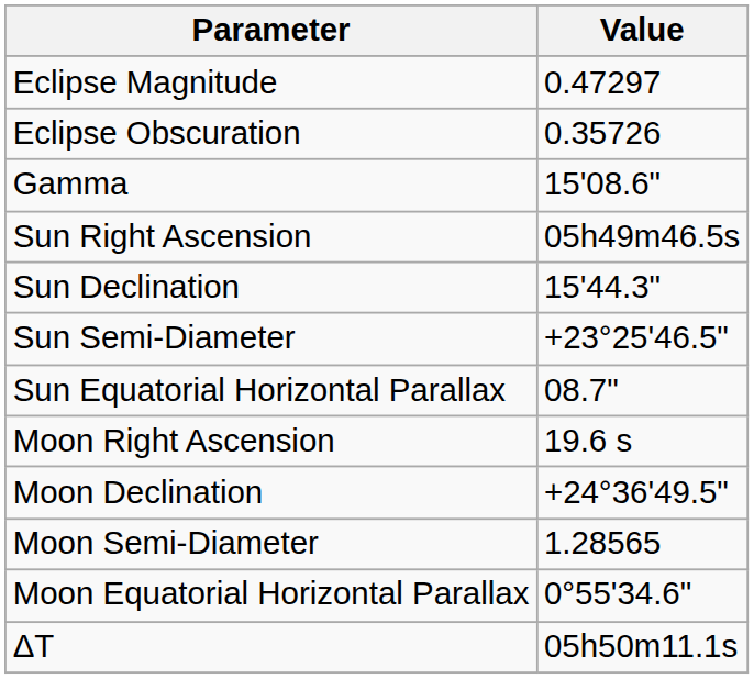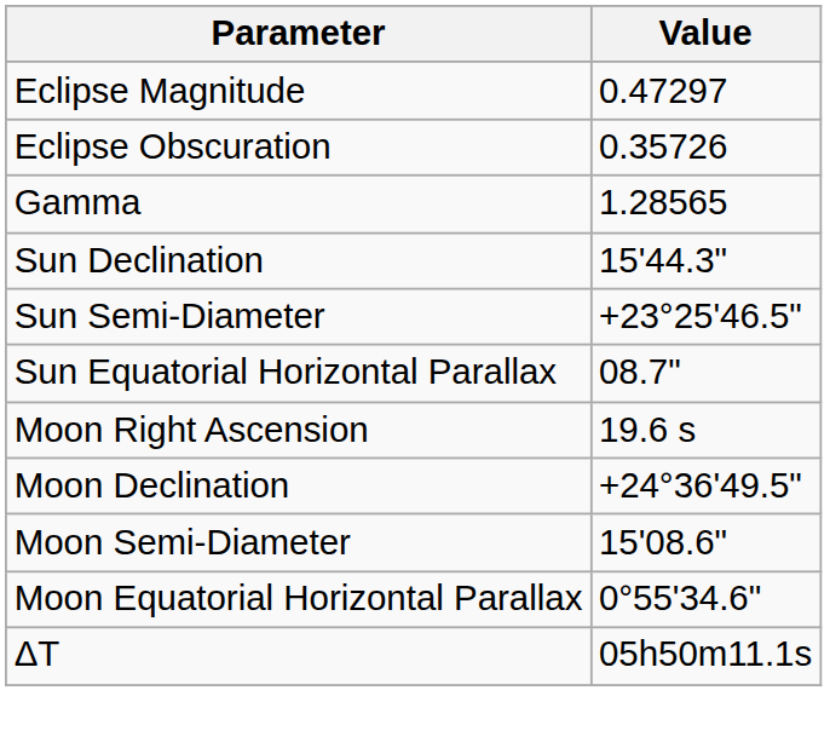 <table class="wikitable">
 <tr>
 <th>Parameter</th>
 <th>Value</th>
 </tr>
 <tr>
 <td>Eclipse Magnitude</td>
 <td>0.47297</td>
 </tr>
 <tr>
 <td>Eclipse Obscuration</td>
 <td>0.35726</td>
 </tr>
 <tr>
 <td>Gamma</td>
-<td>15'08.6"</td>
-</tr>
-<tr>
-<td>Sun Right Ascension</td>
-<td>05h49m46.5s</td>
+<td>1.28565</td>
 </tr>
 <tr>
 <td>Sun Declination</td>
 <td>15'44.3"</td>
 </tr>
 <tr>
 <td>Sun Semi-Diameter</td>
 <td>+23°25'46.5"</td>
 </tr>
 <tr>
 <td>Sun Equatorial Horizontal Parallax</td>
 <td>08.7"</td>
 </tr>
 <tr>
 <td>Moon Right Ascension</td>
 <td>19.6 s</td>
 </tr>
 <tr>
 <td>Moon Declination</td>
 <td>+24°36'49.5"</td>
 </tr>
 <tr>
 <td>Moon Semi-Diameter</td>
-<td>1.28565</td>
+<td>15'08.6"</td>
 </tr>
 <tr>
 <td>Moon Equatorial Horizontal Parallax</td>
 <td>0°55'34.6"</td>
 </tr>
 <tr>
 <td>ΔT</td>
 <td>05h50m11.1s</td>
 </tr>
 </table>
